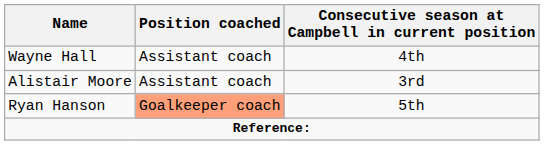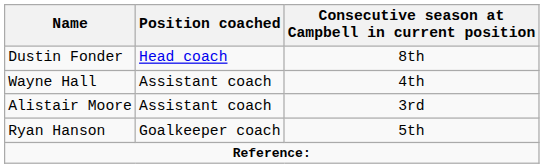 <table class="wikitable" style="font-size:93%;">
 <tr>
 <th>Name</th>
 <th>Position coached</th>
 <th>Consecutive season at<br>Campbell in current position</th>
+</tr>
+<tr>
+<td>Dustin Fonder</td>
+<td><a href='#'>Head coach</a></td>
+<td align=center>8th</td>
 </tr>
 <tr>
 <td>Wayne Hall</td>
 <td>Assistant coach</td>
 <td align=center>4th</td>
 </tr>
 <tr>
 <td>Alistair Moore</td>
 <td>Assistant coach</td>
 <td align=center>3rd</td>
 </tr>
 <tr>
 <td>Ryan Hanson</td>
-<td style="background: lightsalmon;">Goalkeeper coach</td>
+<td>Goalkeeper coach</td>
 <td align="center">5th</td>
 </tr>
 <tr>
 <td colspan="3" style="font-size:8pt; text-align:center;"><strong>Reference:</strong></td>
 </tr>
 </table>
